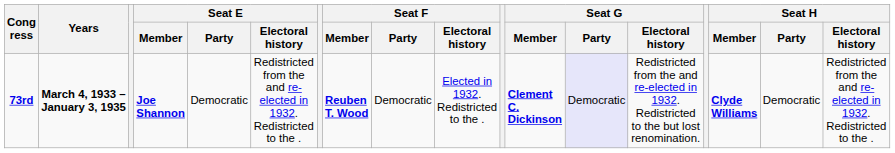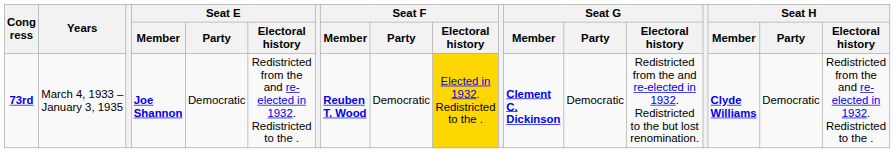 <table class=wikitable style="text-align:center">
 <tr>
 <th rowspan=2>Cong<br>ress</th>
 <th rowspan=2>Years</th>
 <th rowspan=99></th>
 <th colspan=3>Seat E</th>
 <th rowspan=99></th>
 <th colspan=3>Seat F</th>
 <th rowspan=99></th>
 <th colspan=3>Seat G</th>
 <th rowspan=99></th>
 <th colspan=3>Seat H</th>
 </tr>
 <tr>
 <th>Member</th>
 <th>Party</th>
 <th>Electoral history</th>
 <th>Member</th>
 <th>Party</th>
 <th>Electoral history</th>
 <th>Member</th>
 <th>Party</th>
 <th>Electoral history</th>
 <th>Member</th>
 <th>Party</th>
 <th>Electoral history</th>
 </tr>
 <tr>
 <td><strong><a href='#'>73rd</a></strong></td>
-<td nowrap><strong>March 4, 1933 –<br>January 3, 1935</strong></td>
+<td nowrap>March 4, 1933 –<br>January 3, 1935</td>
 <td align=left><br><strong><a href='#'>Joe Shannon</a></strong><br></td>
 <td>Democratic</td>
 <td>Redistricted from the  and <a href='#'>re-elected in 1932</a>.<br>Redistricted to the .</td>
 <td align=left><br><strong><a href='#'>Reuben T. Wood</a></strong><br></td>
 <td>Democratic</td>
-<td><a href='#'>Elected in 1932</a>.<br>Redistricted to the .</td>
+<td style="background: gold;"><a href='#'>Elected in 1932</a>.<br>Redistricted to the .</td>
 <td align=left><br><strong><a href='#'>Clement C. Dickinson</a></strong><br></td>
-<td style="background: lavender;">Democratic</td>
+<td>Democratic</td>
 <td>Redistricted from the  and <a href='#'>re-elected in 1932</a>.<br>Redistricted to the  but lost renomination.</td>
 <td align=left><br><strong><a href='#'>Clyde Williams</a></strong><br></td>
 <td>Democratic</td>
 <td>Redistricted from the  and <a href='#'>re-elected in 1932</a>.<br>Redistricted to the .</td>
 </tr>
 </table>
